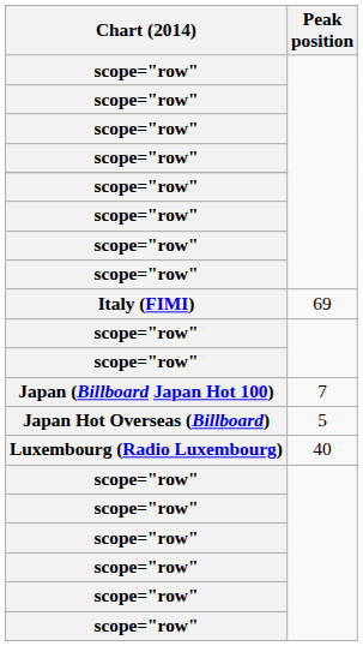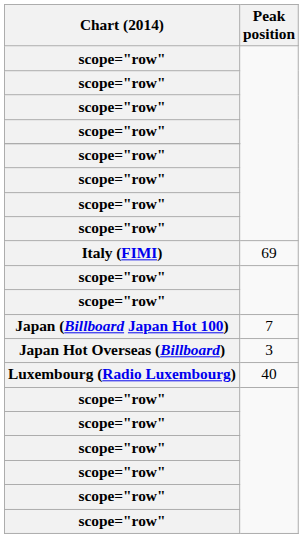 <table class="wikitable sortable plainrowheaders" style="text-align:center">
 <tr>
 <th scope="col">Chart (2014)</th>
 <th scope="col">Peak<br>position</th>
 </tr>
 <tr>
 <th>scope="row"</th>
 </tr>
 <tr>
 <th>scope="row"</th>
 </tr>
 <tr>
 <th>scope="row"</th>
 </tr>
 <tr>
 <th>scope="row"</th>
 </tr>
 <tr>
 </tr>
 <tr>
 <th>scope="row"</th>
 </tr>
 <tr>
 <th>scope="row"</th>
 </tr>
 <tr>
 <th>scope="row"</th>
 </tr>
 <tr>
 <th>scope="row"</th>
 </tr>
 <tr>
 <th scope="row">Italy (<a href='#'>FIMI</a>)</th>
 <td>69</td>
 </tr>
 <tr>
 <th>scope="row"</th>
 </tr>
 <tr>
 <th>scope="row"</th>
 </tr>
 <tr>
 <th scope="row">Japan (<em><a href='#'>Billboard</a></em> <a href='#'>Japan Hot 100</a>)</th>
 <td>7</td>
 </tr>
 <tr>
 <th scope="row">Japan Hot Overseas (<em><a href='#'>Billboard</a></em>)</th>
-<td>5</td>
+<td>3</td>
 </tr>
 <tr>
 <th scope="row">Luxembourg (<a href='#'>Radio Luxembourg</a>)</th>
 <td>40</td>
 </tr>
 <tr>
 <th>scope="row"</th>
 </tr>
 <tr>
 <th>scope="row"</th>
 </tr>
 <tr>
 <th>scope="row"</th>
 </tr>
 <tr>
 <th>scope="row"</th>
 </tr>
 <tr>
 <th>scope="row"</th>
 </tr>
 <tr>
 <th>scope="row"</th>
 </tr>
 </table>
